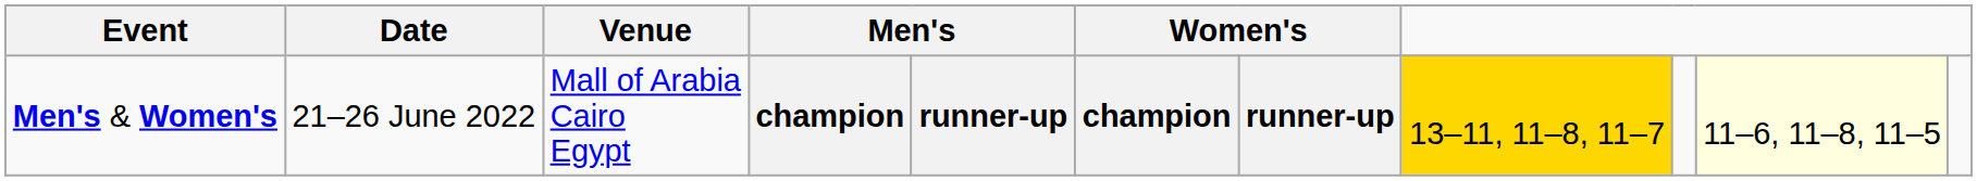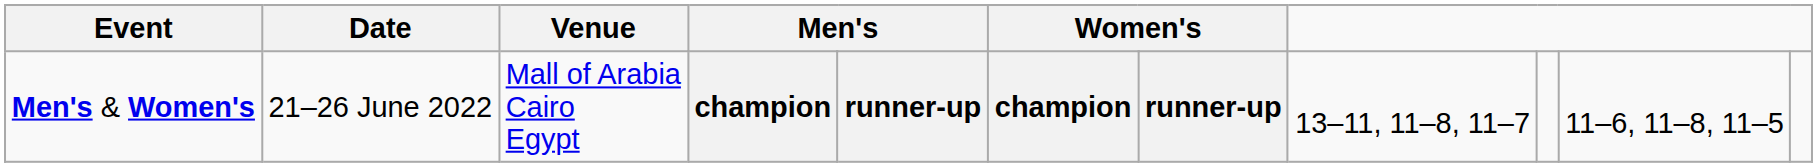 <table class="wikitable sortable" style="font-size: 90%">
 <tr>
 <th rowspan=2>Event</th>
 <th class=unsortable rowspan=2>Date</th>
 <th rowspan=2>Venue</th>
 <th colspan=2>Men's</th>
 <th colspan=2>Women's</th>
 </tr>
 <tr>
 <th rowspan=2>champion</th>
 <th rowspan=2>runner-up</th>
 <th rowspan=2>champion</th>
 <th rowspan=2>runner-up</th>
 </tr>
 <tr>
 <td><a href='#'><strong>Men's</strong></a> & <a href='#'><strong>Women's</strong></a></td>
 <td rowspan=2>21–26 June 2022</td>
 <td rowspan=2><a href='#'>Mall of Arabia</a><br><a href='#'>Cairo</a><br><a href='#'>Egypt</a></td>
-<td style="background: gold;"><strong></strong><br>13–11, 11–8, 11–7</td>
+<td><strong></strong><br>13–11, 11–8, 11–7</td>
 <td><br> </td>
-<td style="background: lightyellow;"><strong></strong><br>11–6, 11–8, 11–5</td>
+<td><strong></strong><br>11–6, 11–8, 11–5</td>
 <td><br> </td>
 </tr>
 </table>
